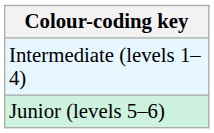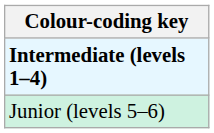 <table class="wikitable sortable" style="text-align:center; margin-left:10em; float:right;">
 <tr>
 <th width=150>Colour-coding key</th>
 </tr>
 <tr>
-<td align="left" style="background:#e6f7ff;">Intermediate (levels 1–4)</td>
+<td align="left" style="background:#e6f7ff;"><strong>Intermediate (levels 1–4)</strong></td>
 </tr>
 <tr>
 <td align="left" style="background:#CEF2E0;">Junior (levels 5–6)</td>
 </tr>
 </table>
